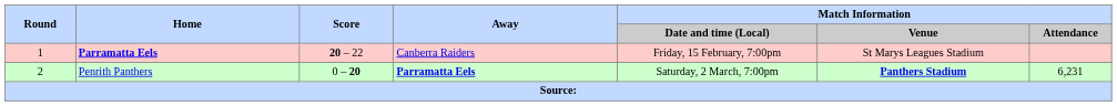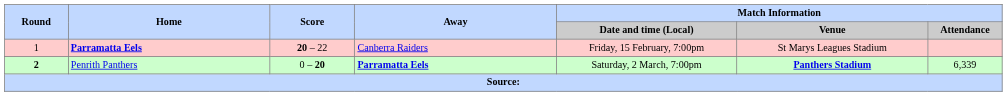 <table border="1" cellpadding="3" cellspacing="0" style="border-collapse:collapse; font-size:80%; text-align:center; width:100%;">
 <tr style="background:#c1d8ff;">
 <th rowspan="2" style="width:6%;">Round</th>
 <th rowspan="2" style="width:19%;">Home</th>
 <th rowspan="2" style="width:8%;">Score</th>
 <th rowspan="2" style="width:19%;">Away</th>
 <th colspan=6>Match Information</th>
 </tr>
 <tr style="background:#ccc;">
 <th width=17%>Date and time (Local)</th>
 <th width=18%>Venue</th>
 <th width=7%>Attendance</th>
 </tr>
 <tr style="text-align:center; background:#fcc">
 <td align=center>1</td>
 <td style="text-align:left;"><strong> <a href='#'>Parramatta Eels</a></strong></td>
 <td><strong>20</strong>  – 22</td>
 <td style="text-align:left;"> <a href='#'>Canberra Raiders</a></td>
 <td>Friday, 15 February, 7:00pm</td>
 <td>St Marys Leagues Stadium</td>
 <td></td>
 </tr>
 <tr style="text-align:center; background:#cfc;">
-<td align=center>2</td>
+<td align=center><strong>2</strong></td>
 <td style="text-align:left;"> <a href='#'>Penrith Panthers</a></td>
 <td>0  – <strong>20</strong></td>
 <td style="text-align:left;"><strong> <a href='#'>Parramatta Eels</a></strong></td>
 <td>Saturday, 2 March, 7:00pm</td>
 <td><strong><a href='#'>Panthers Stadium</a></strong></td>
-<td>6,231</td>
+<td>6,339</td>
 </tr>
 <tr style="background:#c1d8ff;">
 <th colspan=12>Source:</th>
 </tr>
 </table>
